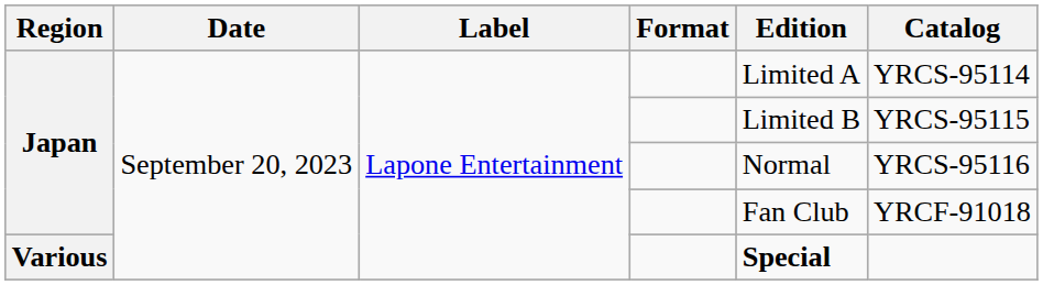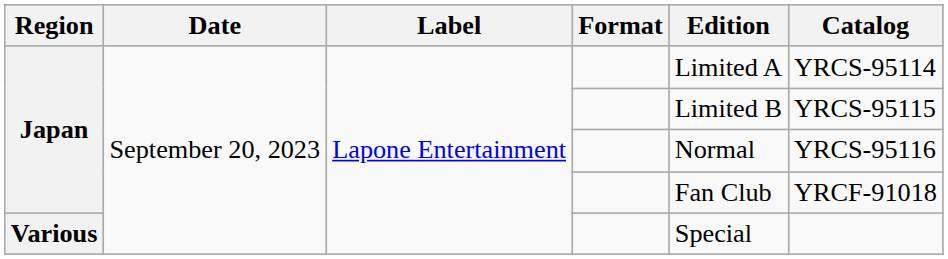 <table class="wikitable plainrowheaders">
 <tr>
 <th>Region</th>
 <th>Date</th>
 <th>Label</th>
 <th>Format</th>
 <th>Edition</th>
 <th>Catalog</th>
 </tr>
 <tr>
 <th rowspan="4" scope="row">Japan</th>
 <td rowspan="5">September 20, 2023</td>
 <td rowspan="5"><a href='#'>Lapone Entertainment</a></td>
 <td></td>
 <td>Limited A</td>
 <td>YRCS-95114</td>
 </tr>
 <tr>
 <td></td>
 <td>Limited B</td>
 <td>YRCS-95115</td>
 </tr>
 <tr>
 <td></td>
 <td>Normal</td>
 <td>YRCS-95116</td>
 </tr>
 <tr>
 <td></td>
 <td>Fan Club</td>
 <td>YRCF-91018</td>
 </tr>
 <tr>
 <th scope="row">Various</th>
 <td></td>
-<td><strong>Special</strong></td>
+<td>Special</td>
 <td></td>
 </tr>
 </table>
